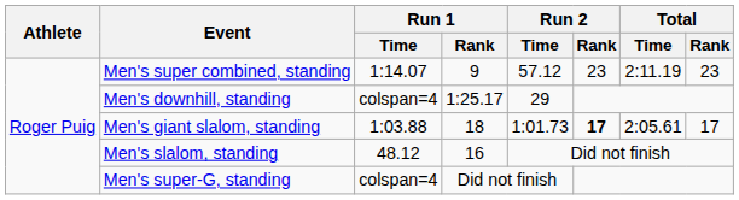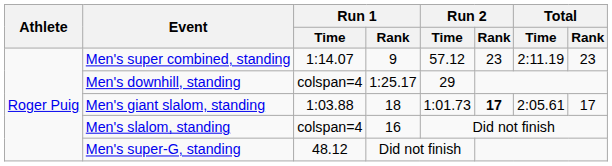 <table class=wikitable style=font-size:90%;text-align:center>
 <tr>
 <th rowspan=2>Athlete</th>
 <th rowspan=2>Event</th>
 <th colspan=2>Run 1</th>
 <th colspan=2>Run 2</th>
 <th colspan=2>Total</th>
 </tr>
 <tr style="font-size: 95%">
 <th>Time</th>
 <th>Rank</th>
 <th>Time</th>
 <th>Rank</th>
 <th>Time</th>
 <th>Rank</th>
 </tr>
 <tr>
 <td rowspan=5 align=left><a href='#'>Roger Puig</a></td>
 <td align=left><a href='#'>Men's super combined, standing</a></td>
 <td>1:14.07</td>
 <td>9</td>
 <td>57.12</td>
 <td>23</td>
 <td>2:11.19</td>
 <td>23</td>
 </tr>
 <tr>
 <td align=left><a href='#'>Men's downhill, standing</a></td>
 <td>colspan=4 </td>
 <td>1:25.17</td>
 <td>29</td>
 </tr>
 <tr>
 <td align=left><a href='#'>Men's giant slalom, standing</a></td>
 <td>1:03.88</td>
 <td>18</td>
 <td>1:01.73</td>
 <td><strong>17</strong></td>
 <td>2:05.61</td>
 <td>17</td>
 </tr>
 <tr>
 <td align=left><a href='#'>Men's slalom, standing</a></td>
-<td>48.12</td>
+<td>colspan=4 </td>
 <td>16</td>
 <td colspan=4>Did not finish</td>
 </tr>
 <tr>
 <td align=left><a href='#'>Men's super-G, standing</a></td>
-<td>colspan=4 </td>
+<td>48.12</td>
 <td colspan=2>Did not finish</td>
 </tr>
 </table>
